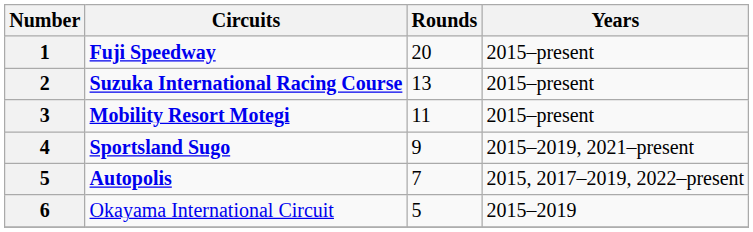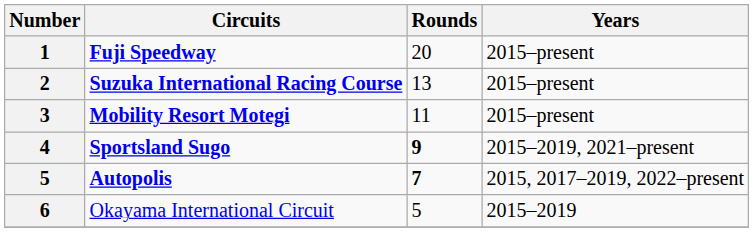 <table class="wikitable" style="text-align=center">
 <tr>
 <th>Number</th>
 <th>Circuits</th>
 <th>Rounds</th>
 <th>Years</th>
 </tr>
 <tr>
 <th>1</th>
 <td><strong> <a href='#'>Fuji Speedway</a></strong></td>
 <td>20</td>
 <td>2015–present</td>
 </tr>
 <tr>
 <th>2</th>
 <td><strong> <a href='#'>Suzuka International Racing Course</a></strong></td>
 <td>13</td>
 <td>2015–present</td>
 </tr>
 <tr>
 <th>3</th>
 <td><strong> <a href='#'>Mobility Resort Motegi</a></strong></td>
 <td>11</td>
 <td>2015–present</td>
 </tr>
 <tr>
 <th>4</th>
 <td><strong> <a href='#'>Sportsland Sugo</a></strong></td>
-<td>9</td>
+<td><strong>9</strong></td>
 <td>2015–2019, 2021–present</td>
 </tr>
 <tr>
 <th>5</th>
 <td><strong> <a href='#'>Autopolis</a></strong></td>
-<td>7</td>
+<td><strong>7</strong></td>
 <td>2015, 2017–2019, 2022–present</td>
 </tr>
 <tr>
 <th>6</th>
 <td> <a href='#'>Okayama International Circuit</a></td>
 <td>5</td>
 <td>2015–2019</td>
 </tr>
 <tr>
 </tr>
 </table>
